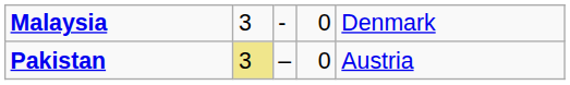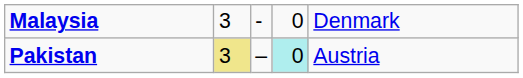 <table class="wikitable">
 <tr>
 <td width=150> <strong><a href='#'>Malaysia</a></strong></td>
 <td style="width:20px; text-align:left;">3</td>
 <td>-</td>
 <td style="width:20px; text-align:right;">0</td>
 <td width=150> <a href='#'>Denmark</a></td>
 </tr>
 <tr>
 <td> <strong><a href='#'>Pakistan</a></strong></td>
 <td style="background: khaki; text-align:left;">3</td>
 <td>–</td>
-<td style="text-align:right;">0</td>
+<td style="background: paleturquoise; text-align:right;">0</td>
 <td> <a href='#'>Austria</a></td>
 </tr>
 </table>
